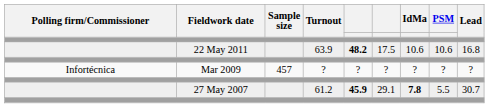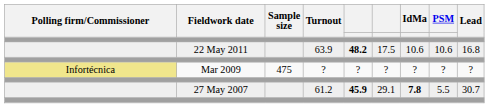 <table class="wikitable collapsible collapsed" style="text-align:center; font-size:95%; line-height:16px;">
 <tr style="height:42px;">
 <th style="width:250px;" rowspan="2">Polling firm/Commissioner</th>
 <th style="width:125px;" rowspan="2">Fieldwork date</th>
 <th style="width:50px;" rowspan="2">Sample size</th>
 <th style="width:45px;" rowspan="2">Turnout</th>
 <th style="width:35px;"></th>
 <th style="width:35px;"></th>
 <th style="width:35px;">IdMa</th>
 <th style="width:35px;"><a href='#'>PSM</a></th>
 <th style="width:30px;" rowspan="2">Lead</th>
 </tr>
 <tr>
 <th style="color:inherit;background:"></th>
 <th style="color:inherit;background:"></th>
 <th style="color:inherit;background:"></th>
 <th style="color:inherit;background:"></th>
 </tr>
 <tr>
 <td colspan="9" style="background:#A0A0A0"></td>
 </tr>
 <tr style="background:#EFEFEF;">
 <td><strong></strong></td>
 <td>22 May 2011</td>
 <td></td>
 <td>63.9</td>
 <td><strong>48.2</strong><br></td>
 <td>17.5<br></td>
 <td>10.6<br></td>
 <td>10.6<br></td>
 <td style="background:">16.8</td>
 </tr>
 <tr>
 <td colspan="9" style="background:#A0A0A0"></td>
 </tr>
 <tr>
-<td>Infortécnica</td>
+<td style="background: khaki;">Infortécnica</td>
 <td>Mar 2009</td>
-<td>457</td>
+<td>475</td>
 <td>?</td>
 <td>?<br></td>
 <td>?<br></td>
 <td>?<br></td>
 <td>?<br></td>
 <td style="background:">?</td>
 </tr>
 <tr>
 <td colspan="9" style="background:#A0A0A0"></td>
 </tr>
 <tr style="background:#EFEFEF;">
 <td><strong></strong></td>
 <td>27 May 2007</td>
 <td></td>
 <td>61.2</td>
 <td><strong>45.9</strong><br></td>
 <td>29.1<br></td>
 <td><strong>7.8<br></strong></td>
 <td>5.5<br></td>
 <td style="background:">30.7</td>
 </tr>
 <tr>
 <td colspan="9" style="background:#A0A0A0"></td>
 </tr>
 </table>
